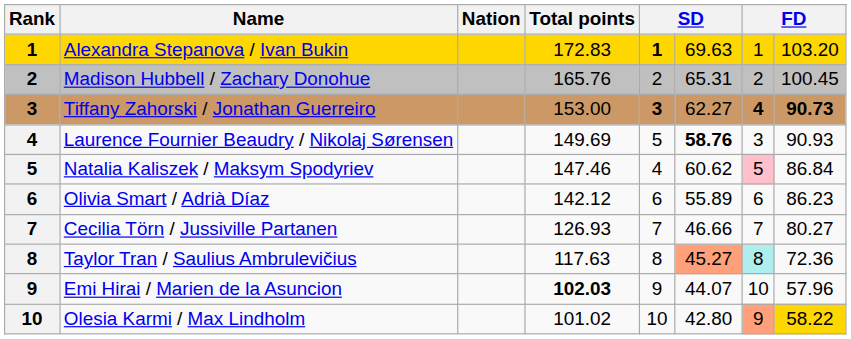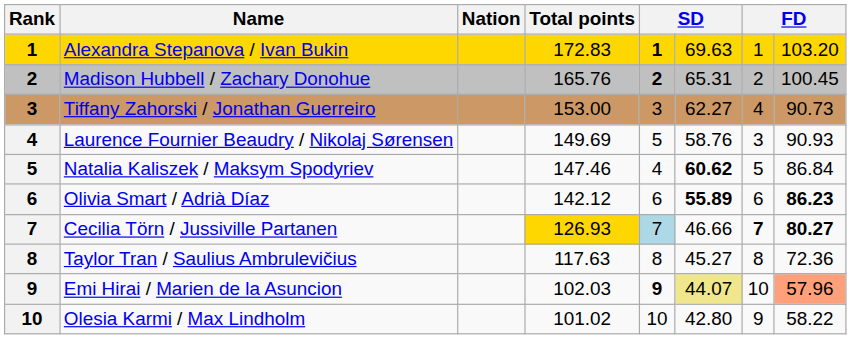 <table class="wikitable sortable">
 <tr>
 <th>Rank</th>
 <th>Name</th>
 <th>Nation</th>
 <th>Total points</th>
 <th colspan="2" width="80px"><a href='#'>SD</a></th>
 <th colspan="2" width="80px"><a href='#'>FD</a></th>
 </tr>
 <tr bgcolor="gold">
 <td align="center"><strong>1</strong></td>
 <td><a href='#'>Alexandra Stepanova</a> / <a href='#'>Ivan Bukin</a></td>
 <td></td>
 <td align="center">172.83</td>
 <td align="center"><strong>1</strong></td>
 <td align="center">69.63</td>
 <td align="center">1</td>
 <td align="center">103.20</td>
 </tr>
 <tr bgcolor="silver">
 <td align="center"><strong>2</strong></td>
 <td><a href='#'>Madison Hubbell</a> / <a href='#'>Zachary Donohue</a></td>
 <td></td>
 <td align="center">165.76</td>
-<td align="center">2</td>
+<td align="center"><strong>2</strong></td>
 <td align="center">65.31</td>
 <td align="center">2</td>
 <td align="center">100.45</td>
 </tr>
 <tr bgcolor="cc9966">
 <td align="center"><strong>3</strong></td>
 <td><a href='#'>Tiffany Zahorski</a> / <a href='#'>Jonathan Guerreiro</a></td>
 <td></td>
 <td align="center">153.00</td>
-<td align="center"><strong>3</strong></td>
+<td align="center">3</td>
 <td align="center">62.27</td>
-<td align="center"><strong>4</strong></td>
-<td align="center"><strong>90.73</strong></td>
+<td align="center">4</td>
+<td align="center">90.73</td>
 </tr>
 <tr>
 <th>4</th>
 <td><a href='#'>Laurence Fournier Beaudry</a> / <a href='#'>Nikolaj Sørensen</a></td>
 <td></td>
 <td align="center">149.69</td>
 <td align="center">5</td>
-<td align="center"><strong>58.76</strong></td>
+<td align="center">58.76</td>
 <td align="center">3</td>
 <td align="center">90.93</td>
 </tr>
 <tr>
 <th>5</th>
 <td><a href='#'>Natalia Kaliszek</a> / <a href='#'>Maksym Spodyriev</a></td>
 <td></td>
 <td align="center">147.46</td>
 <td align="center">4</td>
-<td align="center">60.62</td>
-<td align="center" style="background: pink;">5</td>
+<td align="center"><strong>60.62</strong></td>
+<td align="center">5</td>
 <td align="center">86.84</td>
 </tr>
 <tr>
 <th>6</th>
 <td><a href='#'>Olivia Smart</a> / <a href='#'>Adrià Díaz</a></td>
 <td></td>
 <td align="center">142.12</td>
 <td align="center">6</td>
-<td align="center">55.89</td>
+<td align="center"><strong>55.89</strong></td>
 <td align="center">6</td>
-<td align="center">86.23</td>
+<td align="center"><strong>86.23</strong></td>
 </tr>
 <tr>
 <th>7</th>
 <td><a href='#'>Cecilia Törn</a> / <a href='#'>Jussiville Partanen</a></td>
 <td></td>
-<td align="center">126.93</td>
-<td align="center">7</td>
+<td align="center" style="background: gold;">126.93</td>
+<td align="center" style="background: lightblue;">7</td>
 <td align="center">46.66</td>
-<td align="center">7</td>
-<td align="center">80.27</td>
+<td align="center"><strong>7</strong></td>
+<td align="center"><strong>80.27</strong></td>
 </tr>
 <tr>
 <th>8</th>
 <td><a href='#'>Taylor Tran</a> / <a href='#'>Saulius Ambrulevičius</a></td>
 <td></td>
 <td align="center">117.63</td>
 <td align="center">8</td>
-<td align="center" style="background: lightsalmon;">45.27</td>
-<td align="center" style="background: paleturquoise;">8</td>
+<td align="center">45.27</td>
+<td align="center">8</td>
 <td align="center">72.36</td>
 </tr>
 <tr>
 <th>9</th>
 <td><a href='#'>Emi Hirai</a> / <a href='#'>Marien de la Asuncion</a></td>
 <td></td>
-<td align="center"><strong>102.03</strong></td>
-<td align="center">9</td>
-<td align="center">44.07</td>
+<td align="center">102.03</td>
+<td align="center"><strong>9</strong></td>
+<td align="center" style="background: khaki;">44.07</td>
 <td align="center">10</td>
-<td align="center">57.96</td>
+<td align="center" style="background: lightsalmon;">57.96</td>
 </tr>
 <tr>
 <th>10</th>
 <td><a href='#'>Olesia Karmi</a> / <a href='#'>Max Lindholm</a></td>
 <td></td>
 <td align="center">101.02</td>
 <td align="center">10</td>
 <td align="center">42.80</td>
-<td align="center" style="background: lightsalmon;">9</td>
-<td align="center" style="background: gold;">58.22</td>
+<td align="center">9</td>
+<td align="center">58.22</td>
 </tr>
 </table>
